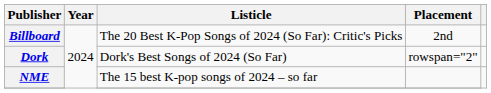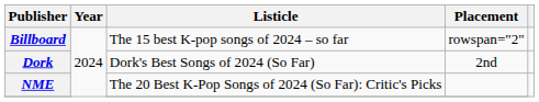 <table class="wikitable plainrowheaders sortable" style="text-align:center">
 <tr>
 <th scope="col">Publisher</th>
 <th scope="col">Year</th>
 <th scope="col">Listicle</th>
 <th scope="col">Placement</th>
 <th scope="col" class="unsortable"></th>
 </tr>
 <tr>
 <th scope="row"><em><a href='#'>Billboard</a></em></th>
 <td rowspan="5">2024</td>
-<td style="text-align:left">The 20 Best K-Pop Songs of 2024 (So Far): Critic's Picks</td>
-<td>2nd</td>
+<td style="text-align:left">The 15 best K-pop songs of 2024 – so far</td>
+<td>rowspan="2" </td>
 <td></td>
 </tr>
 <tr>
 <th scope="row"><em><a href='#'>Dork</a></em></th>
 <td style="text-align:left">Dork's Best Songs of 2024 (So Far)</td>
-<td>rowspan="2" </td>
+<td>2nd</td>
 <td></td>
 </tr>
 <tr>
 <th scope="row"><em><a href='#'>NME</a></em></th>
-<td style="text-align:left">The 15 best K-pop songs of 2024 – so far</td>
+<td style="text-align:left">The 20 Best K-Pop Songs of 2024 (So Far): Critic's Picks</td>
 <td></td>
 </tr>
 <tr>
 </tr>
 </table>
